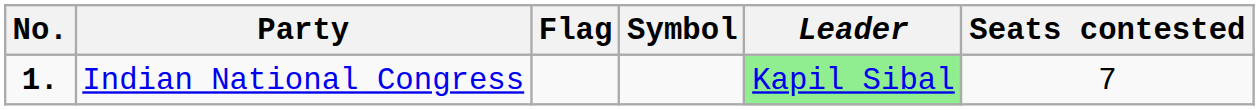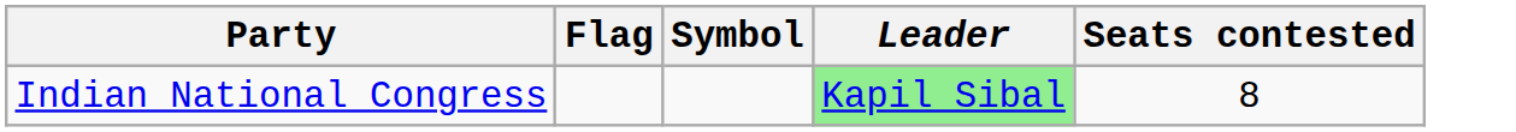 <table class="wikitable">
 <tr>
-<th>No.</th>
 <th>Party</th>
 <th><strong>Flag</strong></th>
 <th>Symbol</th>
 <th><em>Leader</em></th>
 <th>Seats contested</th>
 </tr>
 <tr>
-<td ! style="text-align:center; background:"><strong>1.</strong></td>
 <td style="text-align:center"><a href='#'>Indian National Congress</a></td>
 <td></td>
 <td></td>
 <td style="background: lightgreen; text-align:center"><a href='#'>Kapil Sibal</a></td>
-<td style="text-align:center">7</td>
+<td style="text-align:center">8</td>
 </tr>
 </table>
